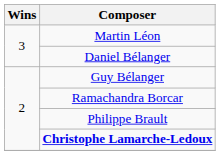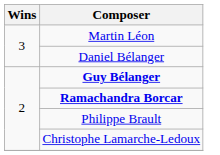 <table class="wikitable" style="text-align:center;">
 <tr>
 <th scope="col" width="10">Wins</th>
 <th scope="col" align="center">Composer</th>
 </tr>
 <tr>
 <td rowspan="2" style="text-align:center;">3</td>
 <td><a href='#'>Martin Léon</a></td>
 </tr>
 <tr>
 <td><a href='#'>Daniel Bélanger</a></td>
 </tr>
 <tr>
 <td rowspan="4" style="text-align:center;">2</td>
-<td><a href='#'>Guy Bélanger</a></td>
+<td><strong><a href='#'>Guy Bélanger</a></strong></td>
 </tr>
 <tr>
-<td><a href='#'>Ramachandra Borcar</a></td>
+<td><strong><a href='#'>Ramachandra Borcar</a></strong></td>
 </tr>
 <tr>
 <td><a href='#'>Philippe Brault</a></td>
 </tr>
 <tr>
-<td><strong><a href='#'>Christophe Lamarche-Ledoux</a></strong></td>
+<td><a href='#'>Christophe Lamarche-Ledoux</a></td>
 </tr>
 <tr>
 </tr>
 </table>
